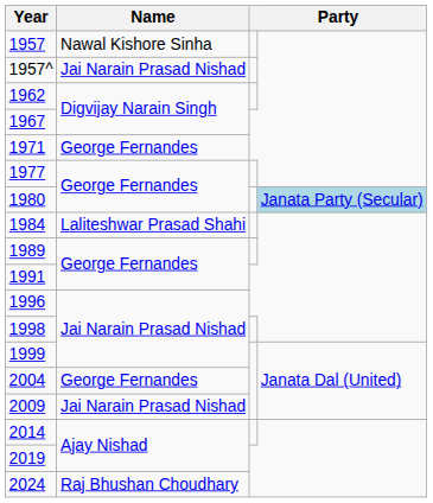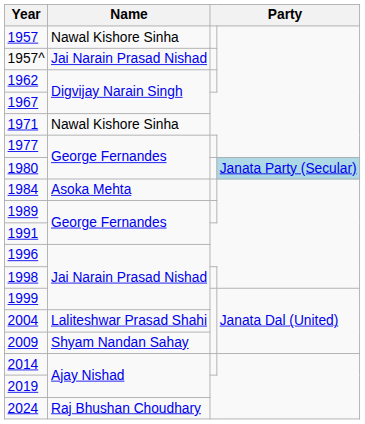 <table class="wikitable">
 <tr>
 <th>Year</th>
 <th>Name</th>
 <th colspan="2">Party</th>
 </tr>
 <tr>
 <td><a href='#'>1957</a></td>
 <td>Nawal Kishore Sinha</td>
 <td></td>
 </tr>
 <tr>
 <td>1957^</td>
 <td><a href='#'>Jai Narain Prasad Nishad</a></td>
 <td></td>
 </tr>
 <tr>
 <td><a href='#'>1962</a></td>
 <td rowspan="2"><a href='#'>Digvijay Narain Singh</a></td>
 <td></td>
 </tr>
 <tr>
 <td><a href='#'>1967</a></td>
 </tr>
 <tr>
 <td><a href='#'>1971</a></td>
-<td><a href='#'>George Fernandes</a></td>
+<td>Nawal Kishore Sinha</td>
 </tr>
 <tr>
 <td><a href='#'>1977</a></td>
 <td rowspan="2"><a href='#'>George Fernandes</a></td>
 <td></td>
 </tr>
 <tr>
 <td><a href='#'>1980</a></td>
 <td style="background-color: "></td>
 <td style="background: lightblue;"><a href='#'>Janata Party (Secular)</a></td>
 </tr>
 <tr>
 <td><a href='#'>1984</a></td>
-<td><a href='#'>Laliteshwar Prasad Shahi</a></td>
+<td><a href='#'>Asoka Mehta</a></td>
 <td></td>
 </tr>
 <tr>
 <td><a href='#'>1989</a></td>
 <td rowspan="2"><a href='#'>George Fernandes</a></td>
 <td></td>
 </tr>
 <tr>
 <td><a href='#'>1991</a></td>
 </tr>
 <tr>
 <td><a href='#'>1996</a></td>
 <td rowspan="3"><a href='#'>Jai Narain Prasad Nishad</a></td>
 </tr>
 <tr>
 <td><a href='#'>1998</a></td>
 <td></td>
 </tr>
 <tr>
 <td><a href='#'>1999</a></td>
 <td rowspan="3" style="background-color: "></td>
 <td rowspan="3"><a href='#'>Janata Dal (United)</a></td>
 </tr>
 <tr>
 <td><a href='#'>2004</a></td>
-<td><a href='#'>George Fernandes</a></td>
+<td><a href='#'>Laliteshwar Prasad Shahi</a></td>
 </tr>
 <tr>
 <td><a href='#'>2009</a></td>
-<td><a href='#'>Jai Narain Prasad Nishad</a></td>
+<td><a href='#'>Shyam Nandan Sahay</a></td>
 </tr>
 <tr>
 <td><a href='#'>2014</a></td>
 <td rowspan="2"><a href='#'>Ajay Nishad</a></td>
 <td></td>
 </tr>
 <tr>
 <td><a href='#'>2019</a></td>
 </tr>
 <tr>
 <td><a href='#'>2024</a></td>
 <td rowspan="2"><a href='#'>Raj Bhushan Choudhary</a></td>
 </tr>
 </table>
